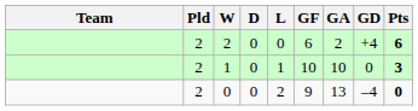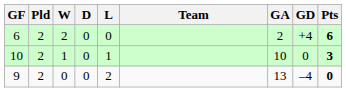 <table class="wikitable" style="text-align: center;">
 <tr>
-<th width="175">Team</th>
+<th width="20">GF</th>
 <th width="20">Pld</th>
 <th width="20">W</th>
 <th width="20">D</th>
 <th width="20">L</th>
-<th width="20">GF</th>
+<th width="175">Team</th>
 <th width="20">GA</th>
 <th width="20">GD</th>
 <th width="20">Pts</th>
 </tr>
 <tr bgcolor="#ccffcc">
-<td align="left"></td>
+<td>6</td>
 <td>2</td>
 <td>2</td>
 <td>0</td>
 <td>0</td>
-<td>6</td>
+<td align="left"></td>
 <td>2</td>
 <td>+4</td>
 <td><strong>6</strong></td>
 </tr>
 <tr bgcolor="#ccffcc">
-<td align="left"></td>
+<td>10</td>
 <td>2</td>
 <td>1</td>
 <td>0</td>
 <td>1</td>
-<td>10</td>
+<td align="left"></td>
 <td>10</td>
 <td>0</td>
 <td><strong>3</strong></td>
 </tr>
 <tr>
-<td align="left"></td>
+<td>9</td>
 <td>2</td>
 <td>0</td>
 <td>0</td>
 <td>2</td>
-<td>9</td>
+<td align="left"></td>
 <td>13</td>
 <td>–4</td>
 <td><strong>0</strong></td>
 </tr>
 </table>
